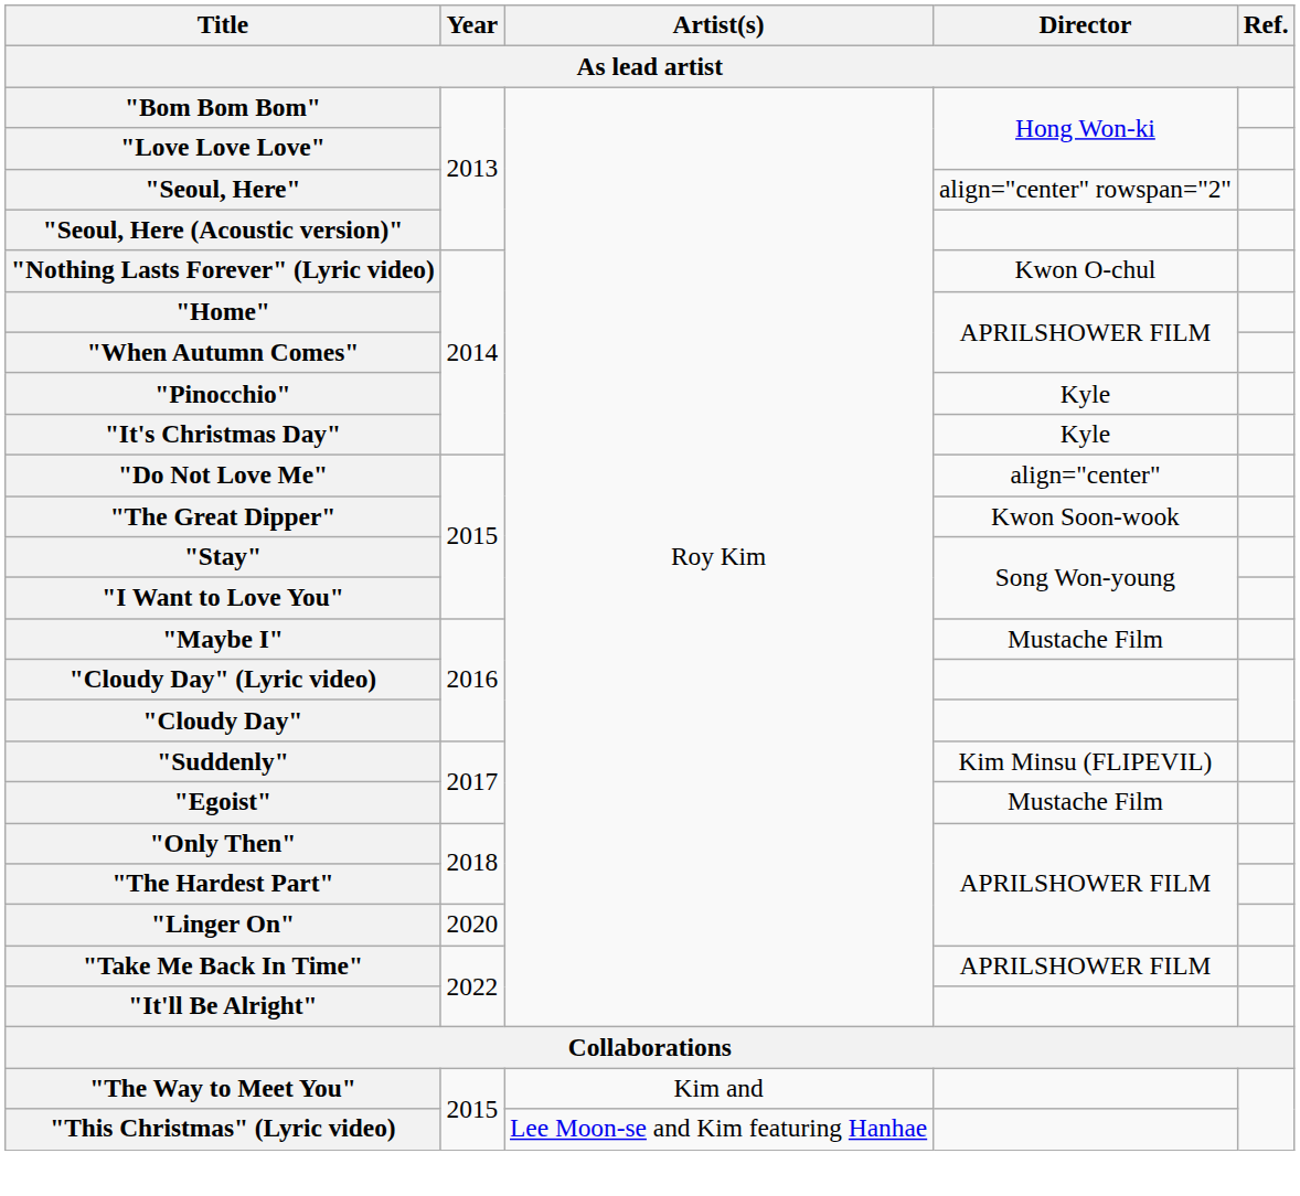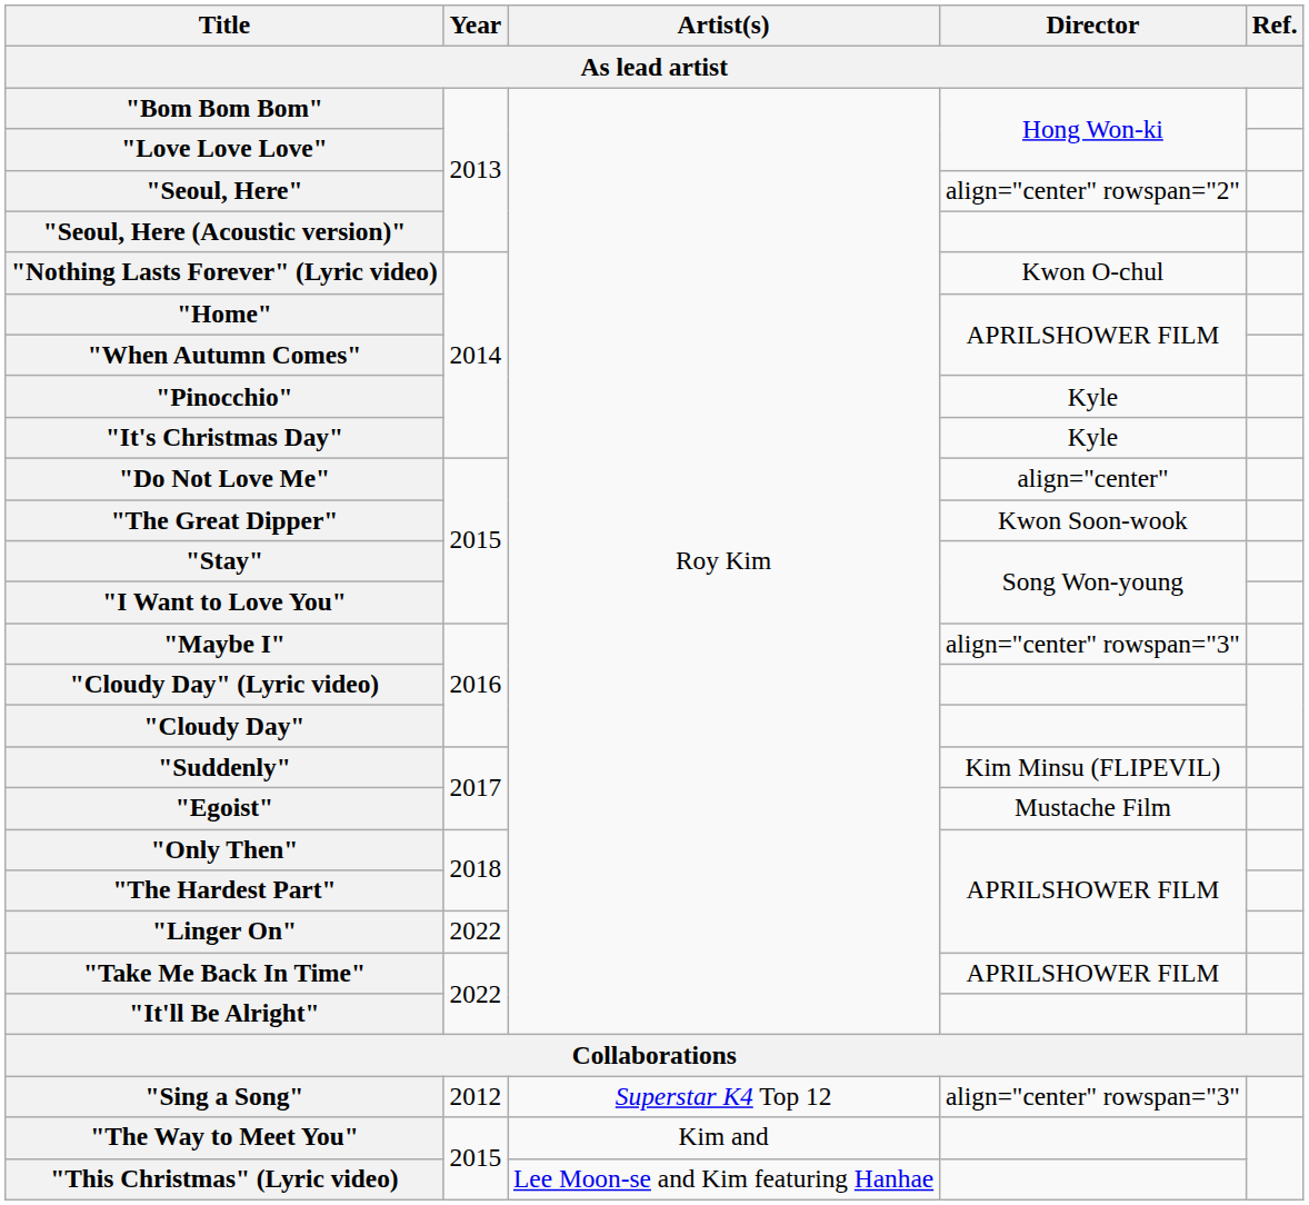 <table class="wikitable plainrowheaders" style="text-align:center;">
 <tr>
 <th scope="col" align="center">Title</th>
 <th scope="col" align="center">Year</th>
 <th scope="col" align="center">Artist(s)</th>
 <th scope="col" align="center">Director</th>
 <th scope="col" align="center">Ref.</th>
 </tr>
 <tr>
 <th scope="col" colspan="5">As lead artist</th>
 </tr>
 <tr>
 <th scope="row">"Bom Bom Bom"</th>
 <td rowspan="4">2013</td>
 <td rowspan="23" align="center">Roy Kim</td>
 <td align="center" rowspan="2"><a href='#'>Hong Won-ki</a></td>
 <td></td>
 </tr>
 <tr>
 <th scope="row">"Love Love Love"</th>
 <td></td>
 </tr>
 <tr>
 <th scope="row">"Seoul, Here"</th>
 <td>align="center" rowspan="2" </td>
 <td></td>
 </tr>
 <tr>
 <th scope="row">"Seoul, Here (Acoustic version)"</th>
 <td></td>
 </tr>
 <tr>
 <th scope="row">"Nothing Lasts Forever" (Lyric video)</th>
 <td rowspan="5">2014</td>
 <td align="center">Kwon O-chul</td>
 <td></td>
 </tr>
 <tr>
 <th scope="row">"Home"</th>
 <td align="center" rowspan="2">APRILSHOWER FILM</td>
 <td></td>
 </tr>
 <tr>
 <th scope="row">"When Autumn Comes"</th>
 <td></td>
 </tr>
 <tr>
 <th scope="row">"Pinocchio"</th>
 <td align="center">Kyle</td>
 <td></td>
 </tr>
 <tr>
 <th scope="row">"It's Christmas Day"</th>
 <td align="center">Kyle</td>
 <td></td>
 </tr>
 <tr>
 <th scope="row">"Do Not Love Me"</th>
 <td rowspan="4">2015</td>
 <td>align="center" </td>
 <td></td>
 </tr>
 <tr>
 <th scope="row">"The Great Dipper"</th>
 <td align="center">Kwon Soon-wook</td>
 <td></td>
 </tr>
 <tr>
 <th scope="row">"Stay"</th>
 <td align="center" rowspan="2">Song Won-young</td>
 <td></td>
 </tr>
 <tr>
 <th scope="row">"I Want to Love You"</th>
 <td></td>
 </tr>
 <tr>
 <th scope="row">"Maybe I"</th>
 <td rowspan="3">2016</td>
-<td>Mustache Film</td>
+<td>align="center" rowspan="3" </td>
 <td></td>
 </tr>
 <tr>
 <th scope="row">"Cloudy Day" (Lyric video)</th>
 <td></td>
 </tr>
 <tr>
 <th scope="row">"Cloudy Day"</th>
 <td></td>
 </tr>
 <tr>
 <th scope="row">"Suddenly"</th>
 <td rowspan="2">2017</td>
 <td>Kim Minsu (FLIPEVIL)</td>
 <td></td>
 </tr>
 <tr>
 <th scope="row">"Egoist"</th>
 <td>Mustache Film</td>
 <td></td>
 </tr>
 <tr>
 <th scope="row">"Only Then"</th>
 <td rowspan="2">2018</td>
 <td rowspan="3">APRILSHOWER FILM</td>
 <td></td>
 </tr>
 <tr>
 <th scope="row">"The Hardest Part"</th>
 <td></td>
 </tr>
 <tr>
 <th scope="row">"Linger On"</th>
-<td rowspan="1">2020</td>
+<td rowspan="1">2022</td>
 <td></td>
 </tr>
 <tr>
 <th scope="row">"Take Me Back In Time"</th>
 <td rowspan="2">2022</td>
 <td>APRILSHOWER FILM</td>
 <td></td>
 </tr>
 <tr>
 <th scope="row">"It'll Be Alright"</th>
 <td></td>
 <td></td>
 </tr>
 <tr>
 <th scope="col" colspan="5">Collaborations</th>
 </tr>
 <tr>
+<th scope="row">"Sing a Song"</th>
+<td>2012</td>
+<td align="center"><em><a href='#'>Superstar K4</a></em> Top 12</td>
+<td>align="center" rowspan="3" </td>
+<td></td>
+</tr>
+<tr>
 <th scope="row">"The Way to Meet You"</th>
 <td rowspan="2">2015</td>
 <td align="center">Kim and </td>
 <td></td>
 </tr>
 <tr>
 <th scope="row">"This Christmas" (Lyric video)</th>
 <td align="center"><a href='#'>Lee Moon-se</a> and Kim featuring <a href='#'>Hanhae</a></td>
 <td></td>
 </tr>
 </table>
